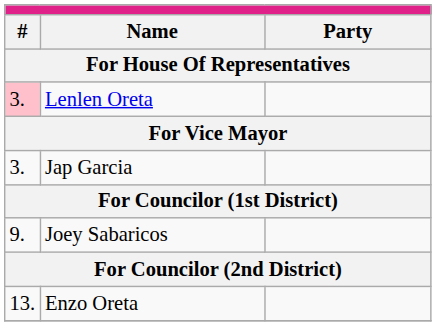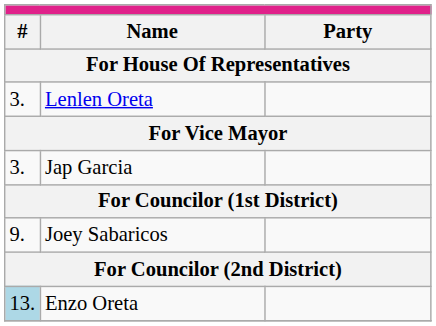 <table class=wikitable style="font-size:90%">
 <tr>
 <td colspan=5 bgcolor=#e0218a></td>
 </tr>
 <tr>
 <th>#</th>
 <th width=150px>Name</th>
 <th colspan=2 width=110px>Party</th>
 </tr>
 <tr>
 <th colspan=5>For House Of Representatives</th>
 </tr>
 <tr>
-<td style="background: pink;">3.</td>
+<td>3.</td>
 <td><a href='#'>Lenlen Oreta</a></td>
 <td></td>
 </tr>
 <tr>
 <th colspan=5>For Vice Mayor</th>
 </tr>
 <tr>
 <td>3.</td>
 <td>Jap Garcia</td>
 <td></td>
 </tr>
 <tr>
 <th colspan=5>For Councilor (1st District)</th>
 </tr>
 <tr>
 <td>9.</td>
 <td>Joey Sabaricos</td>
 <td></td>
 </tr>
 <tr>
 <th colspan=5>For Councilor (2nd District)</th>
 </tr>
 <tr>
-<td>13.</td>
+<td style="background: lightblue;">13.</td>
 <td>Enzo Oreta</td>
 <td></td>
 </tr>
 <tr>
 </tr>
 </table>
